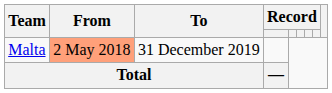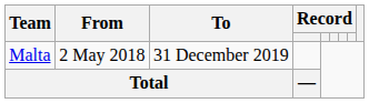 <table class="wikitable" style="text-align: center">
 <tr>
 <th rowspan=2>Team</th>
 <th rowspan=2>From</th>
 <th rowspan=2>To</th>
 <th colspan=5>Record</th>
 <th rowspan=2></th>
 </tr>
 <tr>
 <th></th>
 <th></th>
 <th></th>
 <th></th>
 <th></th>
 </tr>
 <tr>
 <td align=left><a href='#'>Malta</a></td>
-<td align=left style="background: lightsalmon;">2 May 2018</td>
+<td align=left>2 May 2018</td>
 <td align=left>31 December 2019<br></td>
 <td></td>
 </tr>
 <tr>
 <th colspan=3>Total<br></th>
 <th>—</th>
 </tr>
 </table>
